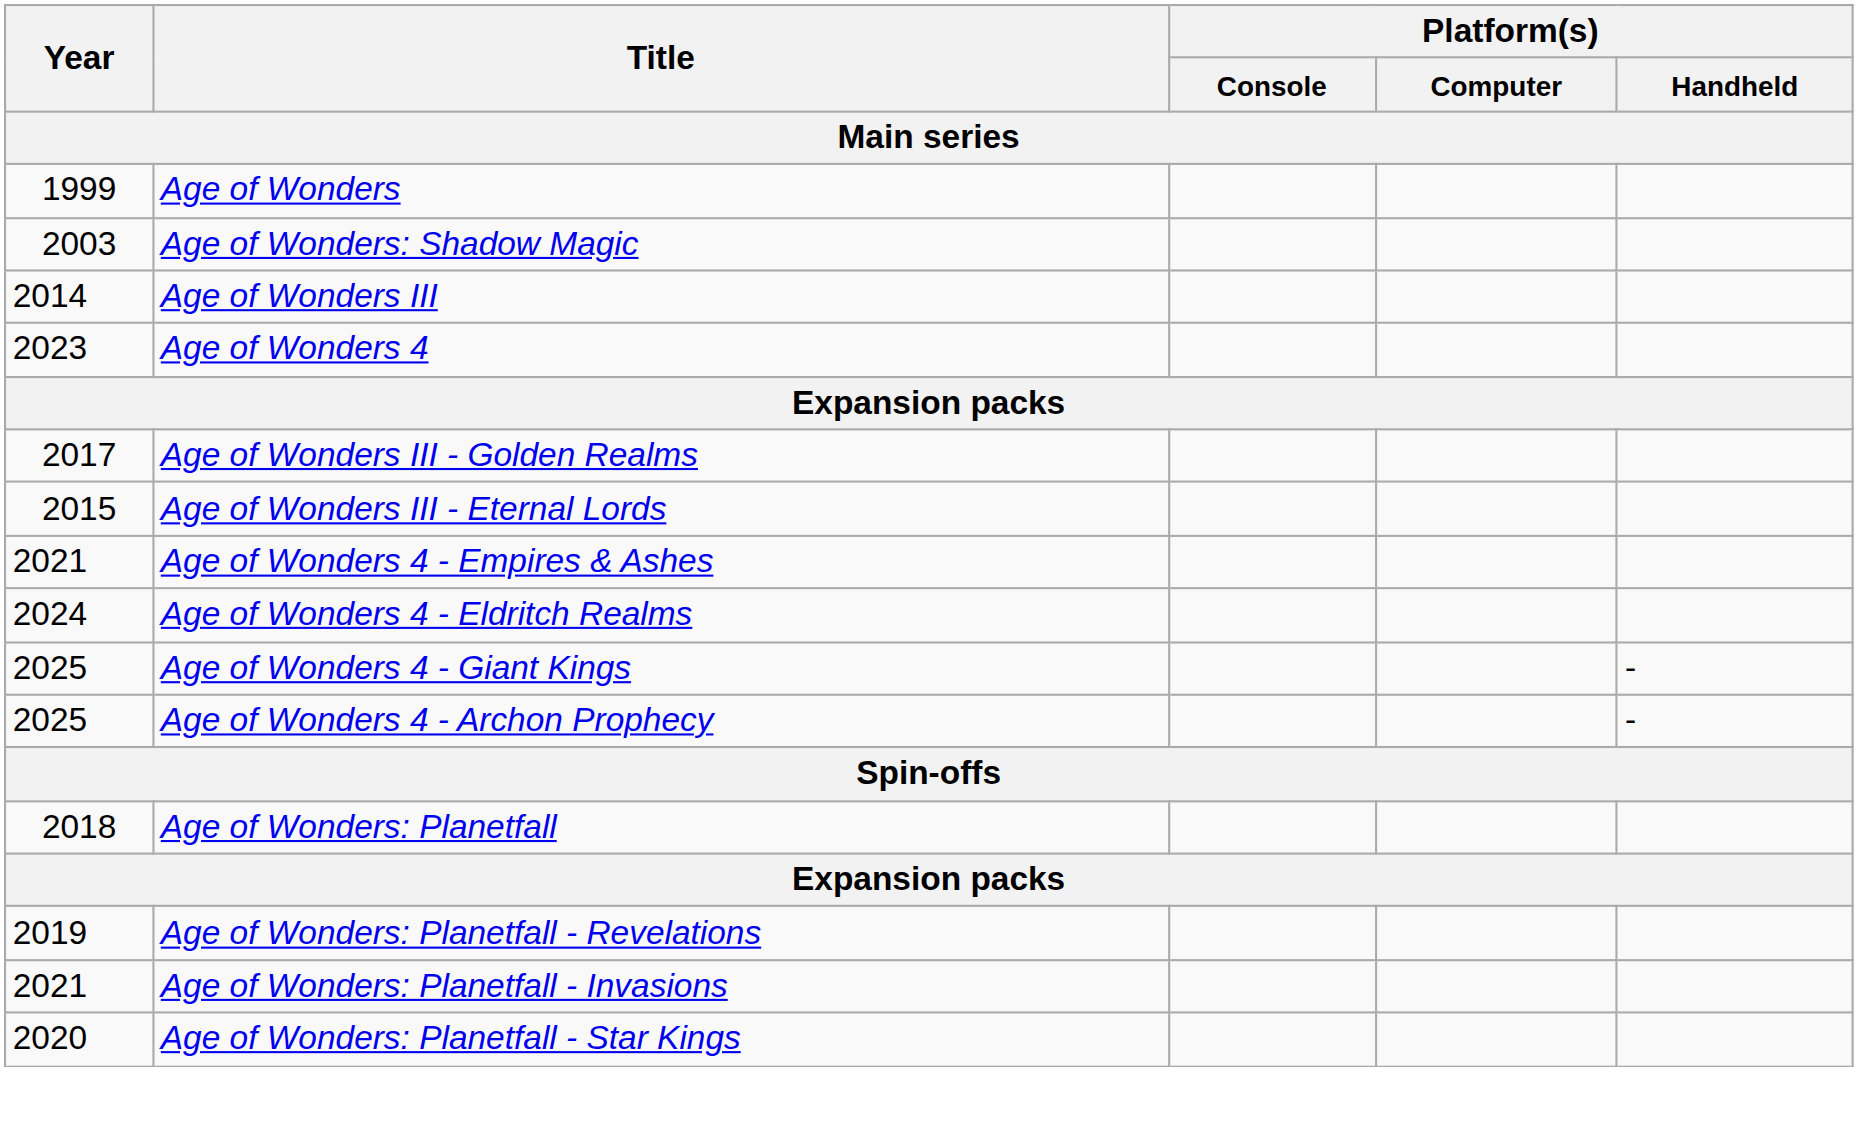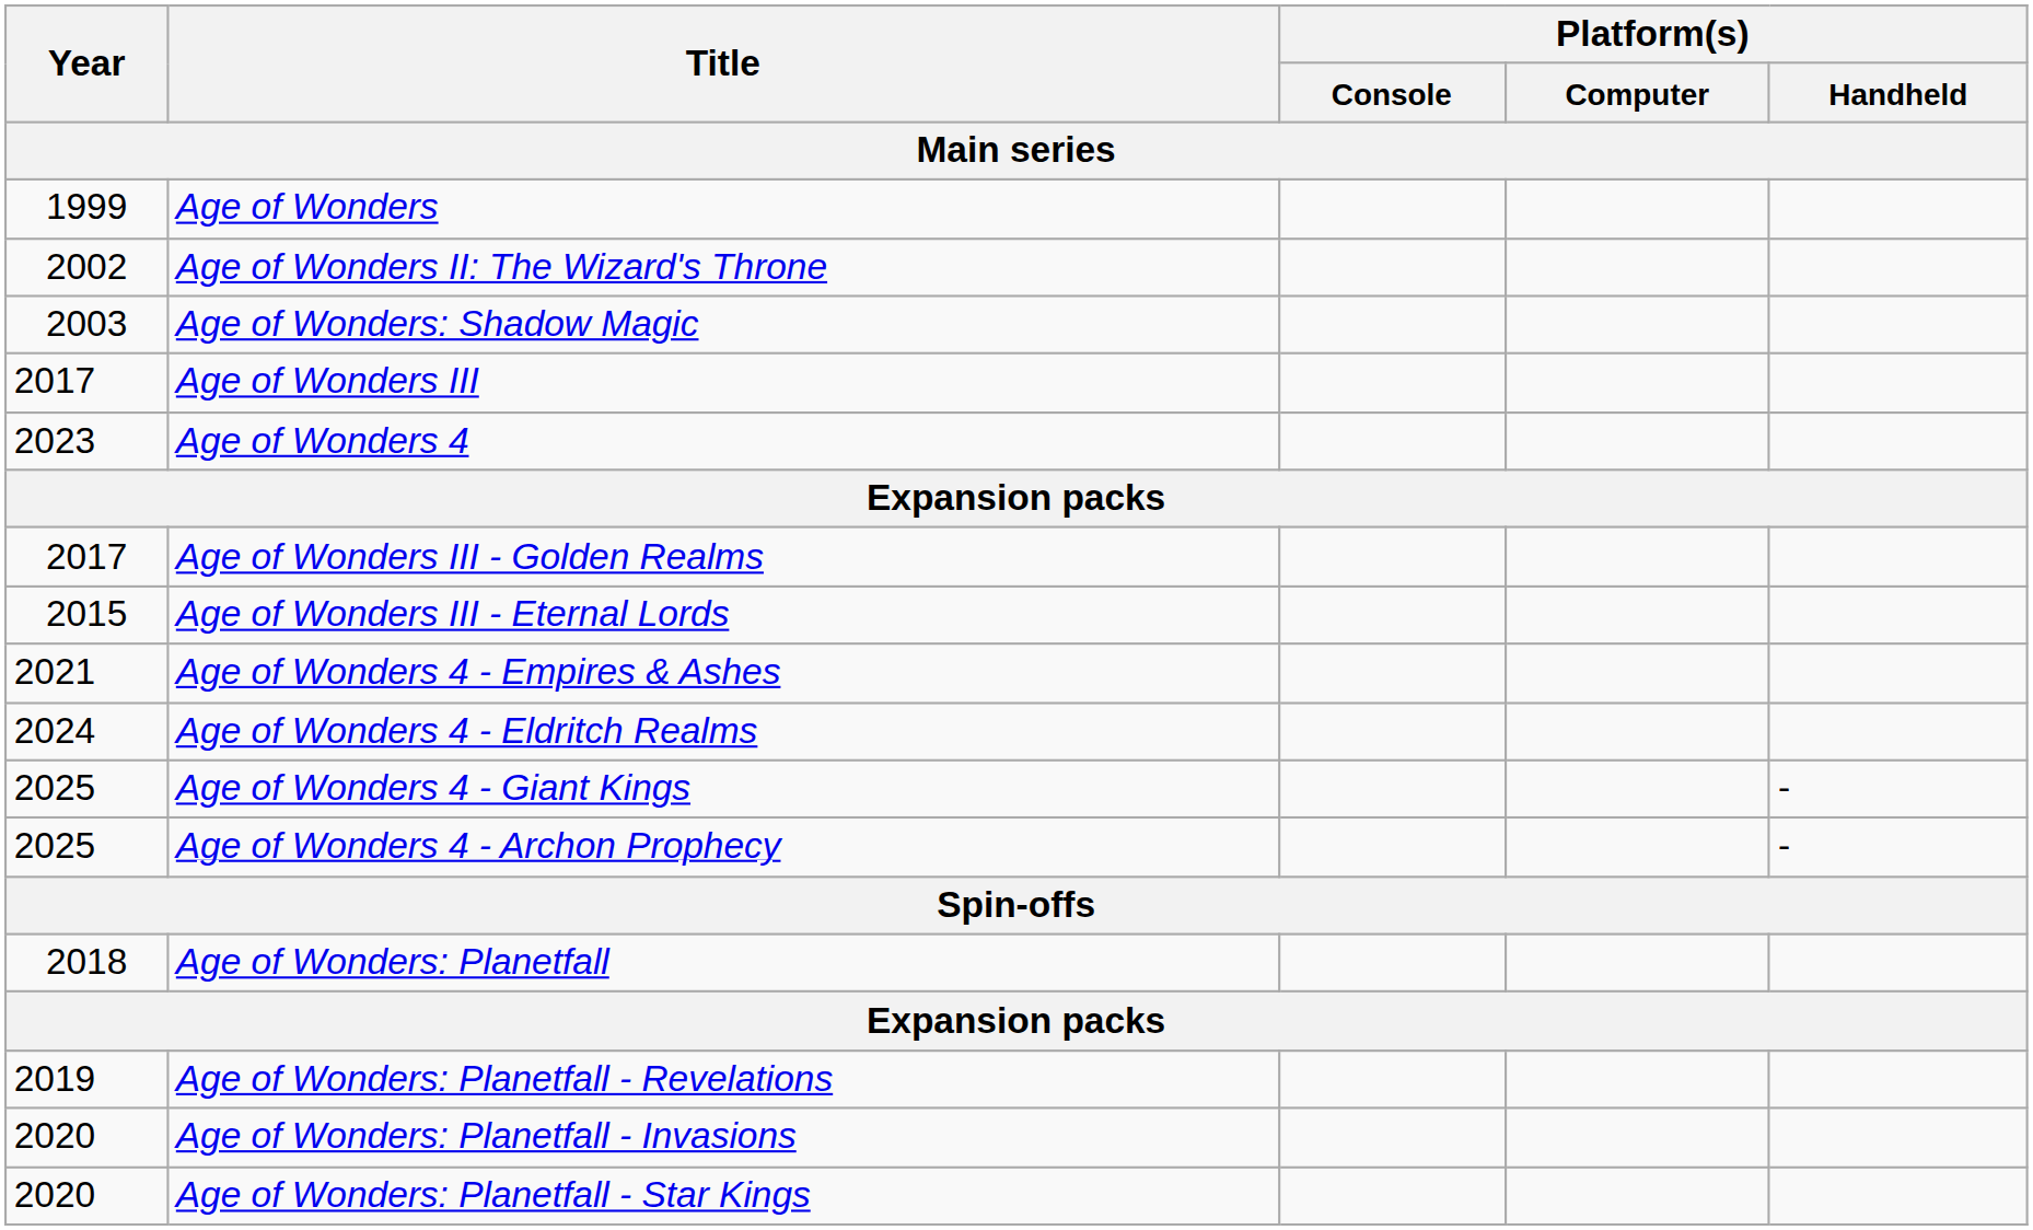 <table class="wikitable" style="width:70%" style="align:center;">
 <tr>
 <th rowspan="2">Year</th>
 <th rowspan="2">Title</th>
 <th colspan="3">Platform(s)</th>
 </tr>
 <tr style="text-align:center;">
 <th><small><strong>Console</strong></small></th>
 <th><small><strong>Computer</strong></small></th>
 <th><small><strong>Handheld</strong></small></th>
 </tr>
 <tr>
 <th colspan="5">Main series</th>
 </tr>
 <tr>
 <td style="text-align:center;">1999</td>
 <td><em><a href='#'>Age of Wonders</a></em></td>
 <td></td>
 <td></td>
 <td></td>
 </tr>
 <tr>
+<td style="text-align:center;">2002</td>
+<td><em><a href='#'>Age of Wonders II: The Wizard's Throne</a></em></td>
+<td></td>
+<td></td>
+<td></td>
+</tr>
+<tr>
 <td style="text-align:center;">2003</td>
 <td><em><a href='#'>Age of Wonders: Shadow Magic</a></em></td>
 <td></td>
 <td></td>
 <td></td>
 </tr>
 <tr>
-<td>2014</td>
+<td>2017</td>
 <td><em><a href='#'>Age of Wonders III</a></em></td>
 <td></td>
 <td></td>
 <td></td>
 </tr>
 <tr>
 <td>2023</td>
 <td><em><a href='#'>Age of Wonders 4</a></em></td>
 <td></td>
 <td></td>
 <td></td>
 </tr>
 <tr>
 <th colspan="5">Expansion packs</th>
 </tr>
 <tr>
 <td style="text-align:center;">2017</td>
 <td><em><a href='#'>Age of Wonders III - Golden Realms</a></em></td>
 <td></td>
 <td></td>
 <td></td>
 </tr>
 <tr>
 <td style="text-align:center;">2015</td>
 <td><em><a href='#'>Age of Wonders III - Eternal Lords</a></em></td>
 <td></td>
 <td></td>
 <td></td>
 </tr>
 <tr>
 <td>2021</td>
 <td><em><a href='#'>Age of Wonders 4 - Empires & Ashes</a></em></td>
 <td></td>
 <td></td>
 <td></td>
 </tr>
 <tr>
 <td>2024</td>
 <td><em><a href='#'>Age of Wonders 4 -  Eldritch Realms</a></em></td>
 <td></td>
 <td></td>
 <td></td>
 </tr>
 <tr>
 <td>2025</td>
 <td><em><a href='#'>Age of Wonders 4 - Giant Kings</a></em></td>
 <td></td>
 <td></td>
 <td>-</td>
 </tr>
 <tr>
 <td>2025</td>
 <td><em><a href='#'>Age of Wonders 4 - Archon Prophecy</a></em></td>
 <td></td>
 <td></td>
 <td>-</td>
 </tr>
 <tr>
 <th colspan="5">Spin-offs</th>
 </tr>
 <tr>
 <td style="text-align:center;">2018</td>
 <td><em><a href='#'>Age of Wonders: Planetfall</a></em></td>
 <td><br></td>
 <td></td>
 <td></td>
 </tr>
 <tr>
 <th colspan="5">Expansion packs</th>
 </tr>
 <tr>
 <td>2019</td>
 <td><em><a href='#'>Age of Wonders: Planetfall - Revelations</a></em></td>
 <td></td>
 <td></td>
 <td></td>
 </tr>
 <tr>
-<td>2021</td>
+<td>2020</td>
 <td><em><a href='#'>Age of Wonders: Planetfall - Invasions</a></em></td>
 <td></td>
 <td></td>
 <td></td>
 </tr>
 <tr>
 <td>2020</td>
 <td><em><a href='#'>Age of Wonders: Planetfall - Star Kings</a></em></td>
 <td></td>
 <td></td>
 <td></td>
 </tr>
 </table>
